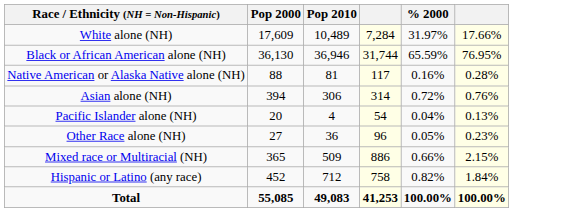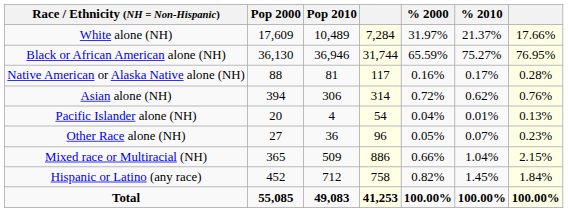 <table class="wikitable" style="text-align:center;">
 <tr>
 <th>Race / Ethnicity <small>(<em>NH = Non-Hispanic</em>)</small></th>
 <th>Pop 2000</th>
 <th>Pop 2010</th>
 <th></th>
 <th>% 2000</th>
+<th>% 2010</th>
 <th></th>
 </tr>
 <tr>
 <td><a href='#'>White</a> alone (NH)</td>
 <td>17,609</td>
 <td>10,489</td>
 <td style='background: #ffffe6;'>7,284</td>
 <td>31.97%</td>
+<td>21.37%</td>
 <td style='background: #ffffe6;'>17.66%</td>
 </tr>
 <tr>
 <td><a href='#'>Black or African American</a> alone (NH)</td>
 <td>36,130</td>
 <td>36,946</td>
 <td style='background: #ffffe6;'>31,744</td>
 <td>65.59%</td>
+<td>75.27%</td>
 <td style='background: #ffffe6;'>76.95%</td>
 </tr>
 <tr>
 <td><a href='#'>Native American</a> or <a href='#'>Alaska Native</a> alone (NH)</td>
 <td>88</td>
 <td>81</td>
 <td style='background: #ffffe6;'>117</td>
 <td>0.16%</td>
+<td>0.17%</td>
 <td style='background: #ffffe6;'>0.28%</td>
 </tr>
 <tr>
 <td><a href='#'>Asian</a> alone (NH)</td>
 <td>394</td>
 <td>306</td>
 <td style='background: #ffffe6;'>314</td>
 <td>0.72%</td>
+<td>0.62%</td>
 <td style='background: #ffffe6;'>0.76%</td>
 </tr>
 <tr>
 <td><a href='#'>Pacific Islander</a> alone (NH)</td>
 <td>20</td>
 <td>4</td>
 <td style='background: #ffffe6;'>54</td>
 <td>0.04%</td>
+<td>0.01%</td>
 <td style='background: #ffffe6;'>0.13%</td>
 </tr>
 <tr>
 <td><a href='#'>Other Race</a> alone (NH)</td>
 <td>27</td>
 <td>36</td>
 <td style='background: #ffffe6;'>96</td>
 <td>0.05%</td>
+<td>0.07%</td>
 <td style='background: #ffffe6;'>0.23%</td>
 </tr>
 <tr>
 <td><a href='#'>Mixed race or Multiracial</a> (NH)</td>
 <td>365</td>
 <td>509</td>
 <td style='background: #ffffe6;'>886</td>
 <td>0.66%</td>
+<td>1.04%</td>
 <td style='background: #ffffe6;'>2.15%</td>
 </tr>
 <tr>
 <td><a href='#'>Hispanic or Latino</a> (any race)</td>
 <td>452</td>
 <td>712</td>
 <td style='background: #ffffe6;'>758</td>
 <td>0.82%</td>
+<td>1.45%</td>
 <td style='background: #ffffe6;'>1.84%</td>
 </tr>
 <tr>
 <td><strong>Total</strong></td>
 <td><strong>55,085</strong></td>
 <td><strong>49,083</strong></td>
 <td style='background: #ffffe6;'><strong>41,253</strong></td>
 <td><strong>100.00%</strong></td>
+<td><strong>100.00%</strong></td>
 <td style='background: #ffffe6;'><strong>100.00%</strong></td>
 </tr>
 </table>
